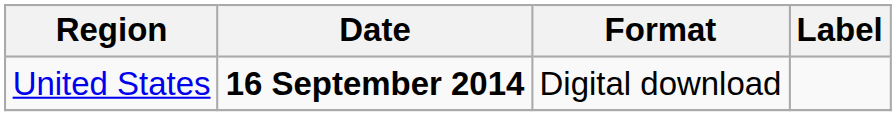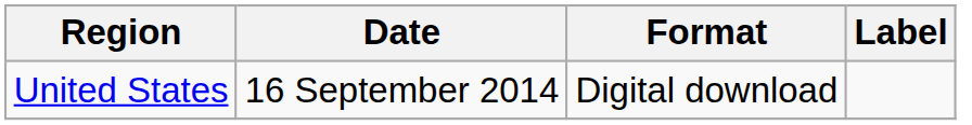 <table class=wikitable>
 <tr>
 <th>Region</th>
 <th>Date</th>
 <th>Format</th>
 <th>Label</th>
 </tr>
 <tr>
 <td><a href='#'>United States</a></td>
-<td><strong>16 September 2014</strong></td>
+<td>16 September 2014</td>
 <td>Digital download</td>
 <td></td>
 </tr>
 <tr>
 </tr>
 </table>
